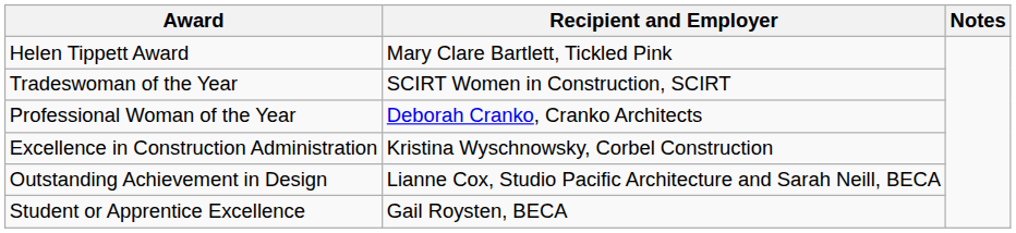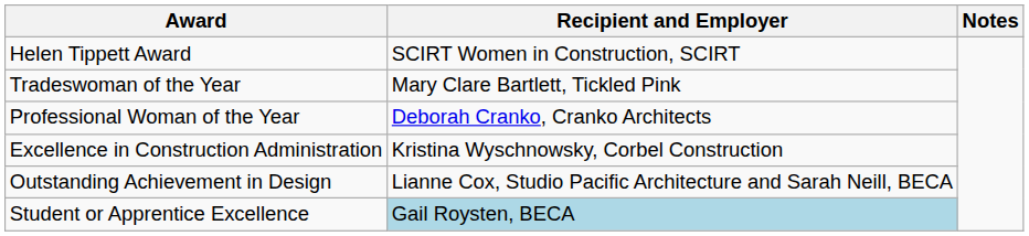 <table class="wikitable">
 <tr>
 <th>Award</th>
 <th>Recipient and Employer</th>
 <th>Notes</th>
 </tr>
 <tr>
 <td>Helen Tippett Award</td>
-<td>Mary Clare Bartlett, Tickled Pink</td>
+<td>SCIRT Women in Construction, SCIRT</td>
 <td rowspan="6"></td>
 </tr>
 <tr>
 <td>Tradeswoman of the Year</td>
-<td>SCIRT Women in Construction, SCIRT</td>
+<td>Mary Clare Bartlett, Tickled Pink</td>
 </tr>
 <tr>
 <td>Professional Woman of the Year</td>
 <td><a href='#'>Deborah Cranko</a>, Cranko Architects</td>
 </tr>
 <tr>
 <td>Excellence in Construction Administration</td>
 <td>Kristina Wyschnowsky, Corbel Construction</td>
 </tr>
 <tr>
 <td>Outstanding Achievement in Design</td>
 <td>Lianne Cox, Studio Pacific Architecture and Sarah Neill, BECA</td>
 </tr>
 <tr>
 <td>Student or Apprentice Excellence</td>
-<td>Gail Roysten, BECA</td>
+<td style="background: lightblue;">Gail Roysten, BECA</td>
 </tr>
 </table>
